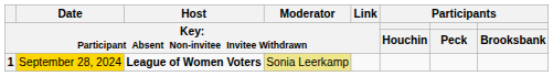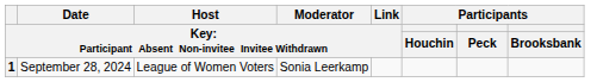 <table class="wikitable" style="text-align:center;">
 <tr>
 <th scope="col"></th>
 <th scope="col">Date</th>
 <th scope="col">Host</th>
 <th scope="col">Moderator</th>
 <th scope="col">Link</th>
 <th colspan="8" scope="col">Participants</th>
 </tr>
 <tr>
 <th colspan="5" rowspan="2">Key:<br> <small>Participant </small>  <small>Absent </small>  <small>Non-invitee </small>  <small>Invitee  Withdrawn</small></th>
 <th scope="col" style="background:"></th>
 <th scope="col" style="background:"></th>
 <th scope="col" style="background:"></th>
 </tr>
 <tr>
 <th scope="col" style="width:60px;">Houchin</th>
 <th scope="col" style="width:60px;">Peck</th>
 <th scope="col" style="width:60px;">Brooksbank</th>
 </tr>
 <tr>
 <th scope="row">1</th>
-<td style="background: gold; white-space:nowrap;">September 28, 2024</td>
-<td style="white-space:nowrap;"><strong>League of Women Voters</strong></td>
-<td style="background: khaki; white-space:nowrap;">Sonia Leerkamp</td>
+<td style="white-space:nowrap;">September 28, 2024</td>
+<td style="white-space:nowrap;">League of Women Voters</td>
+<td style="white-space:nowrap;">Sonia Leerkamp</td>
 <td style="white-space:nowrap;"></td>
 <td></td>
 <td></td>
 <td></td>
 </tr>
 </table>
